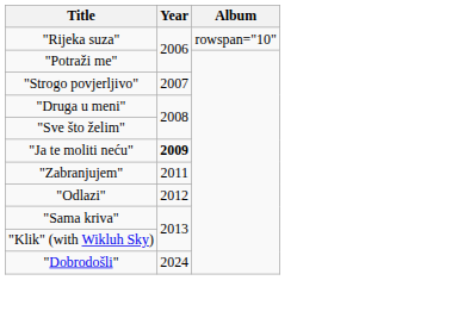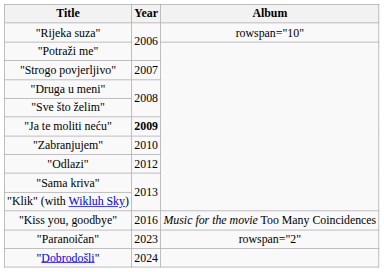 <table class="wikitable plainrowheaders" style="text-align:center;">
 <tr>
 <th scope="col">Title</th>
 <th scope="col">Year</th>
 <th scope="col">Album</th>
 </tr>
 <tr>
 <td>"Rijeka suza"</td>
 <td rowspan="2">2006</td>
 <td>rowspan="10" </td>
 </tr>
 <tr>
 <td>"Potraži me"</td>
 </tr>
 <tr>
 <td>"Strogo povjerljivo"</td>
 <td>2007</td>
 </tr>
 <tr>
 <td>"Druga u meni"</td>
 <td rowspan="2">2008</td>
 </tr>
 <tr>
 <td>"Sve što želim"</td>
 </tr>
 <tr>
 <td>"Ja te moliti neću"</td>
 <td><strong>2009</strong></td>
 </tr>
 <tr>
 <td>"Zabranjujem"</td>
-<td>2011</td>
+<td>2010</td>
 </tr>
 <tr>
 <td>"Odlazi"</td>
 <td>2012</td>
 </tr>
 <tr>
 <td>"Sama kriva"</td>
 <td rowspan="2">2013</td>
 </tr>
 <tr>
 <td>"Klik" (with <a href='#'>Wikluh Sky</a>)</td>
 </tr>
 <tr>
+<td>"Kiss you, goodbye"</td>
+<td>2016</td>
+<td><em>Music for the movie</em> Too Many Coincidences</td>
+</tr>
+<tr>
+<td scope="row">"Paranoičan"</td>
+<td>2023</td>
+<td>rowspan="2" </td>
+</tr>
+<tr>
 <td scope="row">"<a href='#'>Dobrodošli</a>"</td>
 <td>2024</td>
 </tr>
 </table>
